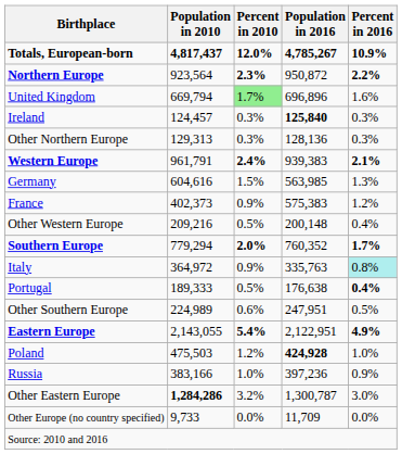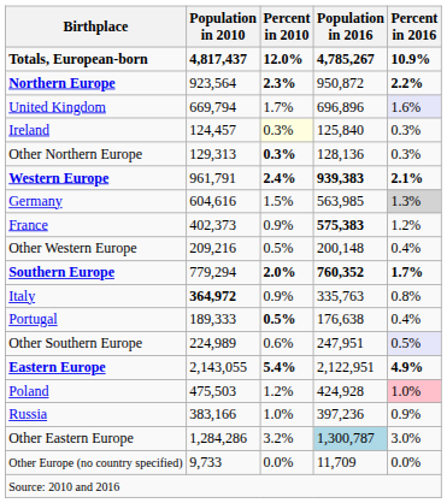 <table class="wikitable" style="font-size:90%; display: inline-table">
 <tr>
 <th>Birthplace</th>
 <th>Population<br>in 2010</th>
 <th>Percent<br>in 2010</th>
 <th>Population<br>in 2016</th>
 <th>Percent<br>in 2016</th>
 </tr>
 <tr>
 <td align=left><strong>Totals, European-born</strong></td>
 <td><strong>4,817,437</strong></td>
 <td><strong>12.0%</strong></td>
 <td><strong>4,785,267</strong></td>
 <td><strong>10.9%</strong></td>
 </tr>
 <tr>
 <td align=left><strong><a href='#'>Northern Europe</a></strong></td>
 <td>923,564</td>
 <td><strong>2.3%</strong></td>
 <td>950,872</td>
 <td><strong>2.2%</strong></td>
 </tr>
 <tr>
 <td><a href='#'>United Kingdom</a></td>
 <td>669,794</td>
-<td style="background: lightgreen;">1.7%</td>
+<td>1.7%</td>
 <td>696,896</td>
-<td>1.6%</td>
+<td style="background: lavender;">1.6%</td>
 </tr>
 <tr>
 <td><a href='#'>Ireland</a></td>
 <td>124,457</td>
-<td>0.3%</td>
-<td><strong>125,840</strong></td>
+<td style="background: lightyellow;">0.3%</td>
+<td>125,840</td>
 <td>0.3%</td>
 </tr>
 <tr>
 <td align=left>Other Northern Europe</td>
 <td>129,313</td>
-<td>0.3%</td>
+<td><strong>0.3%</strong></td>
 <td>128,136</td>
 <td>0.3%</td>
 </tr>
 <tr>
 <td align=left><strong><a href='#'>Western Europe</a></strong></td>
 <td>961,791</td>
 <td><strong>2.4%</strong></td>
-<td>939,383</td>
+<td><strong>939,383</strong></td>
 <td><strong>2.1%</strong></td>
 </tr>
 <tr>
 <td><a href='#'>Germany</a></td>
 <td>604,616</td>
 <td>1.5%</td>
 <td>563,985</td>
-<td>1.3%</td>
+<td style="background: lightgrey;">1.3%</td>
 </tr>
 <tr>
 <td><a href='#'>France</a></td>
 <td>402,373</td>
 <td>0.9%</td>
-<td>575,383</td>
+<td><strong>575,383</strong></td>
 <td>1.2%</td>
 </tr>
 <tr>
 <td>Other Western Europe</td>
 <td>209,216</td>
 <td>0.5%</td>
 <td>200,148</td>
 <td>0.4%</td>
 </tr>
 <tr>
 <td align=left><strong><a href='#'>Southern Europe</a></strong></td>
 <td>779,294</td>
 <td><strong>2.0%</strong></td>
-<td>760,352</td>
+<td><strong>760,352</strong></td>
 <td><strong>1.7%</strong></td>
 </tr>
 <tr>
 <td><a href='#'>Italy</a></td>
-<td>364,972</td>
+<td><strong>364,972</strong></td>
 <td>0.9%</td>
 <td>335,763</td>
-<td style="background: paleturquoise;">0.8%</td>
+<td>0.8%</td>
 </tr>
 <tr>
 <td><a href='#'>Portugal</a></td>
 <td>189,333</td>
-<td>0.5%</td>
+<td><strong>0.5%</strong></td>
 <td>176,638</td>
-<td><strong>0.4%</strong></td>
+<td>0.4%</td>
 </tr>
 <tr>
 <td>Other Southern Europe</td>
 <td>224,989</td>
 <td>0.6%</td>
 <td>247,951</td>
-<td>0.5%</td>
+<td style="background: lavender;">0.5%</td>
 </tr>
 <tr>
 <td align=left><strong><a href='#'>Eastern Europe</a></strong></td>
 <td>2,143,055</td>
 <td><strong>5.4%</strong></td>
 <td>2,122,951</td>
 <td><strong>4.9%</strong></td>
 </tr>
 <tr>
 <td><a href='#'>Poland</a></td>
 <td>475,503</td>
 <td>1.2%</td>
-<td><strong>424,928</strong></td>
-<td>1.0%</td>
+<td>424,928</td>
+<td style="background: pink;">1.0%</td>
 </tr>
 <tr>
 <td><a href='#'>Russia</a></td>
 <td>383,166</td>
 <td>1.0%</td>
 <td>397,236</td>
 <td>0.9%</td>
 </tr>
 <tr>
 <td>Other Eastern Europe</td>
-<td><strong>1,284,286</strong></td>
+<td>1,284,286</td>
 <td>3.2%</td>
-<td>1,300,787</td>
+<td style="background: lightblue;">1,300,787</td>
 <td>3.0%</td>
 </tr>
 <tr>
 <td><small>Other Europe (no country specified)</small></td>
 <td>9,733</td>
 <td>0.0%</td>
 <td>11,709</td>
 <td>0.0%</td>
 </tr>
 <tr>
 <td colspan="6" style="text-align:left;"><small>Source: 2010 and 2016</small></td>
 </tr>
 </table>
